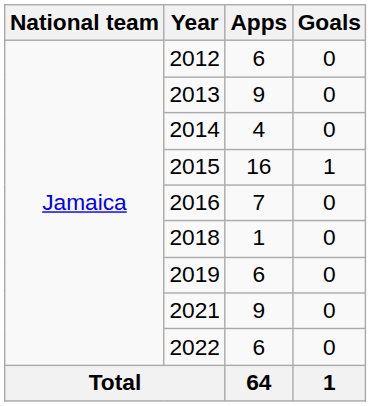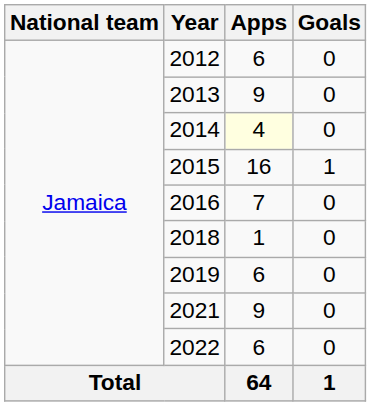 <table class="wikitable" style="text-align: center;">
 <tr>
 <th>National team</th>
 <th>Year</th>
 <th>Apps</th>
 <th>Goals</th>
 </tr>
 <tr>
 <td rowspan="9"><a href='#'>Jamaica</a></td>
 <td>2012</td>
 <td>6</td>
 <td>0</td>
 </tr>
 <tr>
 <td>2013</td>
 <td>9</td>
 <td>0</td>
 </tr>
 <tr>
 <td>2014</td>
-<td>4</td>
+<td style="background: lightyellow;">4</td>
 <td>0</td>
 </tr>
 <tr>
 <td>2015</td>
 <td>16</td>
 <td>1</td>
 </tr>
 <tr>
 <td>2016</td>
 <td>7</td>
 <td>0</td>
 </tr>
 <tr>
 <td>2018</td>
 <td>1</td>
 <td>0</td>
 </tr>
 <tr>
 <td>2019</td>
 <td>6</td>
 <td>0</td>
 </tr>
 <tr>
 <td>2021</td>
 <td>9</td>
 <td>0</td>
 </tr>
 <tr>
 <td>2022</td>
 <td>6</td>
 <td>0</td>
 </tr>
 <tr>
 <th colspan="2">Total</th>
 <th>64</th>
 <th>1</th>
 </tr>
 </table>
